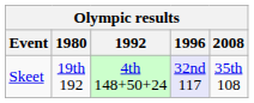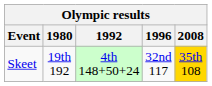 <table class="wikitable" style="text-align: center">
 <tr>
 <th colspan=6>Olympic results</th>
 </tr>
 <tr>
 <th>Event</th>
 <th>1980</th>
 <th>1992</th>
 <th>1996</th>
 <th>2008</th>
 </tr>
 <tr>
 <td align=left><a href='#'>Skeet</a></td>
 <td><a href='#'>19th</a><br>192</td>
 <td style="background:#cfc;"><a href='#'>4th</a><br>148+50+24</td>
-<td style="background: lavender;"><a href='#'>32nd</a><br>117</td>
-<td><a href='#'>35th</a><br>108</td>
+<td><a href='#'>32nd</a><br>117</td>
+<td style="background: gold;"><a href='#'>35th</a><br>108</td>
 </tr>
 </table>
